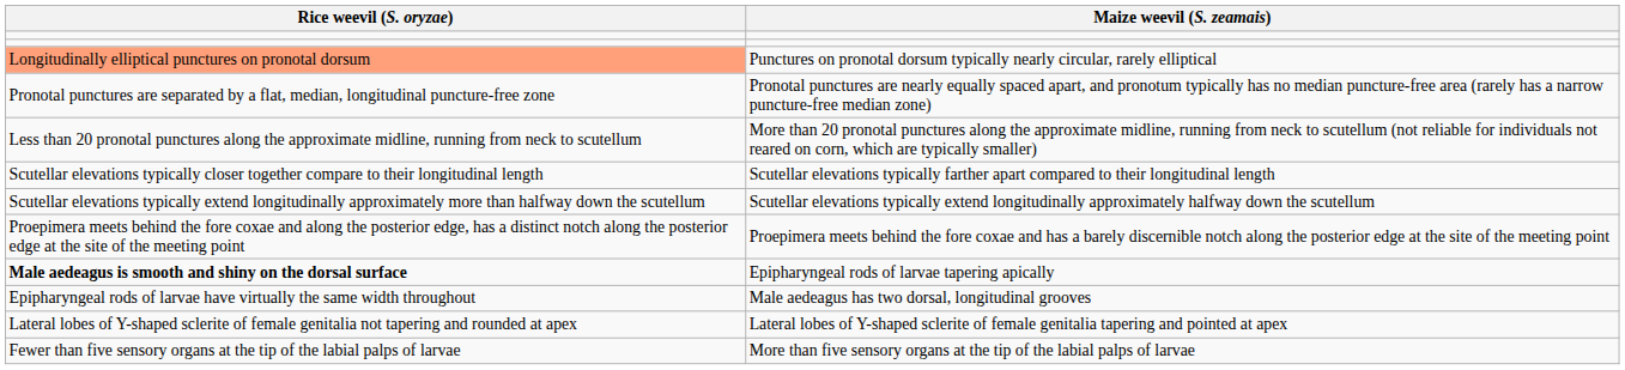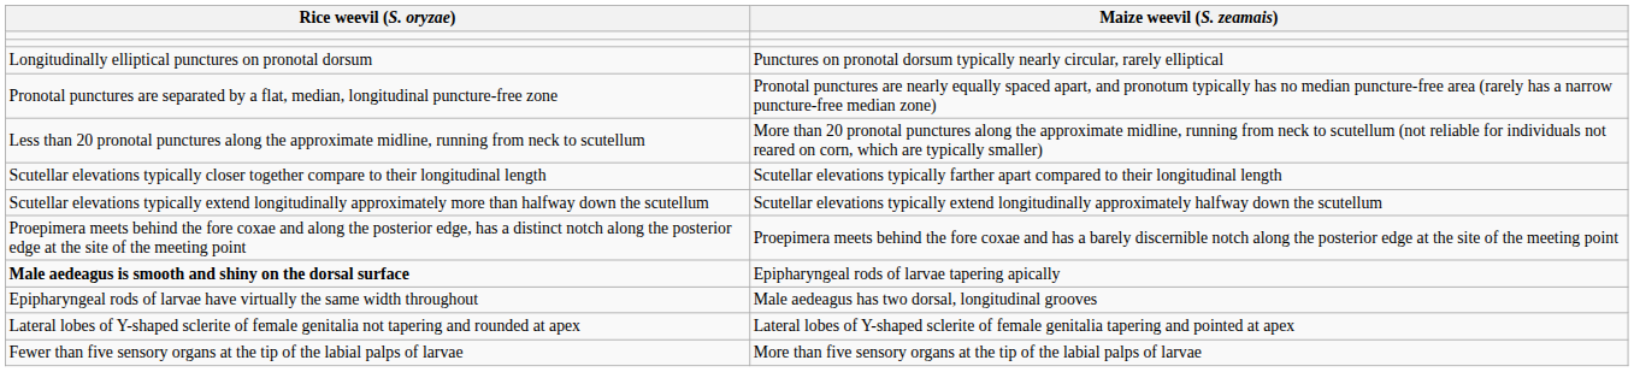 <table class="wikitable">
 <tr>
 <th>Rice weevil (<em>S. oryzae</em>)</th>
 <th>Maize weevil (<em>S. zeamais</em>)</th>
 </tr>
 <tr>
 <td></td>
 <td></td>
 </tr>
 <tr>
 <td></td>
 <td></td>
 </tr>
 <tr>
-<td style="background: lightsalmon;">Longitudinally elliptical punctures on pronotal dorsum</td>
+<td>Longitudinally elliptical punctures on pronotal dorsum</td>
 <td>Punctures on pronotal dorsum typically nearly circular, rarely elliptical</td>
 </tr>
 <tr>
 <td>Pronotal punctures are separated by a flat, median, longitudinal puncture-free zone</td>
 <td>Pronotal punctures are nearly equally spaced apart, and pronotum typically has no median puncture-free area (rarely has a narrow puncture-free median zone)</td>
 </tr>
 <tr>
 <td>Less than 20 pronotal punctures along the approximate midline, running from neck to scutellum</td>
 <td>More than 20 pronotal punctures along the approximate midline, running from neck to scutellum (not reliable for individuals not reared on corn, which are typically smaller)</td>
 </tr>
 <tr>
 <td>Scutellar elevations typically closer together compare to their longitudinal length</td>
 <td>Scutellar elevations typically farther apart compared to their longitudinal length</td>
 </tr>
 <tr>
 <td>Scutellar elevations typically extend longitudinally approximately more than halfway down the scutellum</td>
 <td>Scutellar elevations typically extend longitudinally approximately halfway down the scutellum</td>
 </tr>
 <tr>
 <td>Proepimera meets behind the fore coxae and along the posterior edge, has a distinct notch along the posterior edge at the site of the meeting point</td>
 <td>Proepimera meets behind the fore coxae and has a barely discernible notch along the posterior edge at the site of the meeting point</td>
 </tr>
 <tr>
 <td><strong>Male aedeagus is smooth and shiny on the dorsal surface</strong></td>
 <td>Epipharyngeal rods of larvae tapering apically</td>
 </tr>
 <tr>
 <td>Epipharyngeal rods of larvae have virtually the same width throughout</td>
 <td>Male aedeagus has two dorsal, longitudinal grooves</td>
 </tr>
 <tr>
 <td>Lateral lobes of Y-shaped sclerite of female genitalia not tapering and rounded at apex</td>
 <td>Lateral lobes of Y-shaped sclerite of female genitalia tapering and pointed at apex</td>
 </tr>
 <tr>
 <td>Fewer than five sensory organs at the tip of the labial palps of larvae</td>
 <td>More than five sensory organs at the tip of the labial palps of larvae</td>
 </tr>
 </table>
